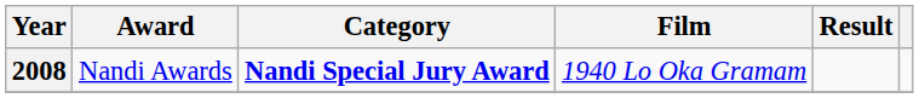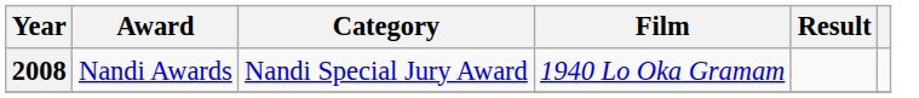 <table class="wikitable plainrowheaders sortable">
 <tr>
 <th scope="col">Year</th>
 <th scope="col">Award</th>
 <th scope="col">Category</th>
 <th scope="col">Film</th>
 <th scope="col">Result</th>
 <th scope="col"></th>
 </tr>
 <tr>
 <th scope="row">2008</th>
 <td><a href='#'>Nandi Awards</a></td>
-<td><strong><a href='#'>Nandi Special Jury Award</a></strong></td>
+<td><a href='#'>Nandi Special Jury Award</a></td>
 <td><em><a href='#'>1940 Lo Oka Gramam</a></em></td>
 <td></td>
 <td></td>
 </tr>
 <tr>
 </tr>
 </table>
